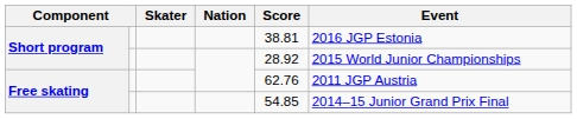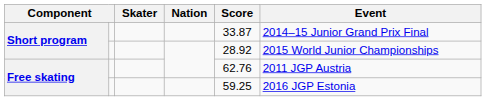 <table class="wikitable unsortable" style="text-align:left; width:75%">
 <tr>
 <th colspan="2" scope="col">Component</th>
 <th scope="col">Skater</th>
 <th scope="col">Nation</th>
 <th scope="col">Score</th>
 <th scope="col">Event</th>
 </tr>
 <tr>
 <th rowspan="2" scope="row" style="text-align:left"><a href='#'>Short program</a></th>
 <td></td>
 <td></td>
 <td></td>
-<td style="text-align:center">38.81</td>
-<td><a href='#'>2016 JGP Estonia</a></td>
+<td style="text-align:center">33.87</td>
+<td><a href='#'>2014–15 Junior Grand Prix Final</a></td>
 </tr>
 <tr>
 <td></td>
 <td></td>
 <td rowspan="2"></td>
 <td style="text-align:center">28.92</td>
 <td><a href='#'>2015 World Junior Championships</a></td>
 </tr>
 <tr>
 <th rowspan="2" scope="row" style="text-align:left"><a href='#'>Free skating</a></th>
 <td></td>
 <td></td>
 <td style="text-align:center">62.76</td>
 <td><a href='#'>2011 JGP Austria</a></td>
 </tr>
 <tr>
 <td></td>
 <td></td>
 <td></td>
-<td style="text-align:center">54.85</td>
-<td><a href='#'>2014–15 Junior Grand Prix Final</a></td>
+<td style="text-align:center">59.25</td>
+<td><a href='#'>2016 JGP Estonia</a></td>
 </tr>
 </table>
